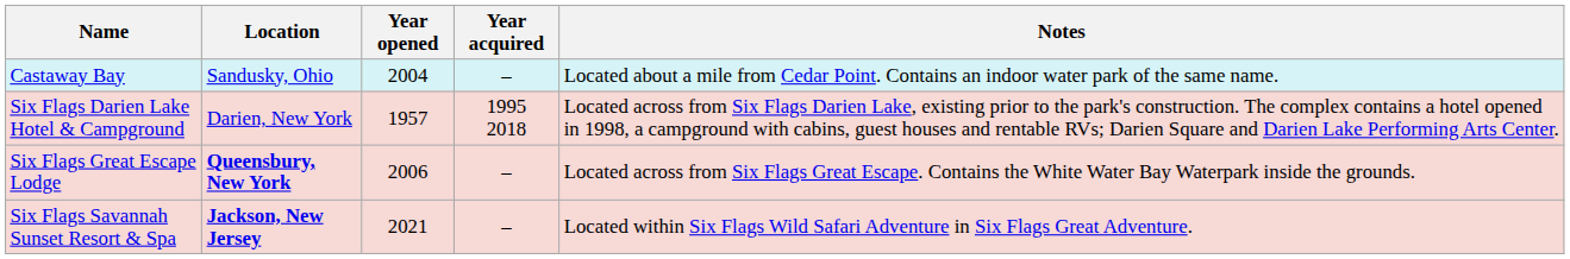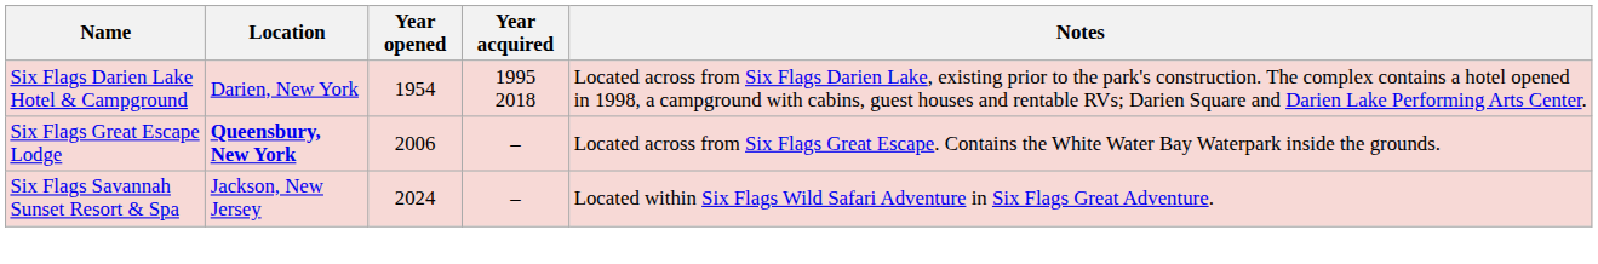 <table class="wikitable sortable">
 <tr>
 <th style="width:150px;">Name</th>
 <th>Location</th>
 <th>Year opened</th>
 <th>Year acquired</th>
 <th>Notes</th>
 </tr>
 <tr>
-<td style="background:#d6f4f7;"><a href='#'>Castaway Bay</a></td>
-<td style="background:#d6f4f7;"><a href='#'>Sandusky, Ohio</a></td>
-<td style="background:#d6f4f7;text-align:center">2004</td>
-<td style="background:#d6f4f7;text-align:center">–</td>
-<td style="background:#d6f4f7;">Located about a mile from <a href='#'>Cedar Point</a>. Contains an indoor water park of the same name.</td>
-</tr>
-<tr>
 <td style="background:#f7d9d6;"><a href='#'>Six Flags Darien Lake Hotel & Campground</a></td>
 <td style="background:#f7d9d6;"><a href='#'>Darien, New York</a></td>
-<td style="background:#f7d9d6;text-align:center">1957</td>
+<td style="background:#f7d9d6;text-align:center">1954</td>
 <td style="background:#f7d9d6;text-align:center">1995<br>2018</td>
 <td style="background:#f7d9d6;">Located across from <a href='#'>Six Flags Darien Lake</a>, existing prior to the park's construction. The complex contains a hotel opened in 1998, a campground with cabins, guest houses and rentable RVs; Darien Square and <a href='#'>Darien Lake Performing Arts Center</a>.</td>
 </tr>
 <tr>
 <td style="background:#f7d9d6;"><a href='#'>Six Flags Great Escape Lodge</a></td>
 <td style="background:#f7d9d6;"><strong><a href='#'>Queensbury, New York</a></strong></td>
 <td style="background:#f7d9d6;text-align:center">2006</td>
 <td style="background:#f7d9d6;text-align:center">–</td>
 <td style="background:#f7d9d6;">Located across from <a href='#'>Six Flags Great Escape</a>. Contains the White Water Bay Waterpark inside the grounds.</td>
 </tr>
 <tr>
 <td style="background:#f7d9d6;"><a href='#'>Six Flags Savannah Sunset Resort & Spa</a></td>
-<td style="background:#f7d9d6;"><strong><a href='#'>Jackson, New Jersey</a></strong></td>
-<td style="background:#f7d9d6;text-align:center">2021</td>
+<td style="background:#f7d9d6;"><a href='#'>Jackson, New Jersey</a></td>
+<td style="background:#f7d9d6;text-align:center">2024</td>
 <td style="background:#f7d9d6;text-align:center">–</td>
 <td style="background:#f7d9d6;">Located within <a href='#'>Six Flags Wild Safari Adventure</a> in <a href='#'>Six Flags Great Adventure</a>.</td>
 </tr>
 </table>
